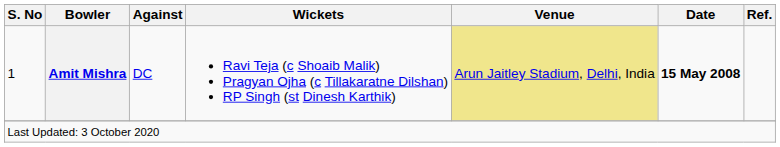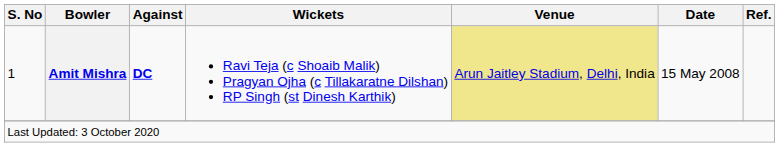 <table class="wikitable">
 <tr>
 <th>S. No</th>
 <th>Bowler</th>
 <th>Against</th>
 <th>Wickets</th>
 <th>Venue</th>
 <th>Date</th>
 <th>Ref.</th>
 </tr>
 <tr>
 <td>1</td>
 <th scope="row" style="text-align:center;"><a href='#'>Amit Mishra</a></th>
-<td><a href='#'>DC</a></td>
+<td><strong><a href='#'>DC</a></strong></td>
 <td><br><ul><li><a href='#'>Ravi Teja</a> (<a href='#'>c</a> <a href='#'>Shoaib Malik</a>)</li><li><a href='#'>Pragyan Ojha</a> (<a href='#'>c</a> <a href='#'>Tillakaratne Dilshan</a>)</li><li><a href='#'>RP Singh</a> (<a href='#'>st</a> <a href='#'>Dinesh Karthik</a>)</li></ul></td>
 <td style="background: khaki;"><a href='#'>Arun Jaitley Stadium</a>, <a href='#'>Delhi</a>, India</td>
-<td><strong>15 May 2008</strong></td>
+<td>15 May 2008</td>
 <td></td>
 </tr>
 <tr>
 </tr>
 <tr class=sortbottom>
 <td colspan=7><small>Last Updated: 3 October 2020</small></td>
 </tr>
 </table>
